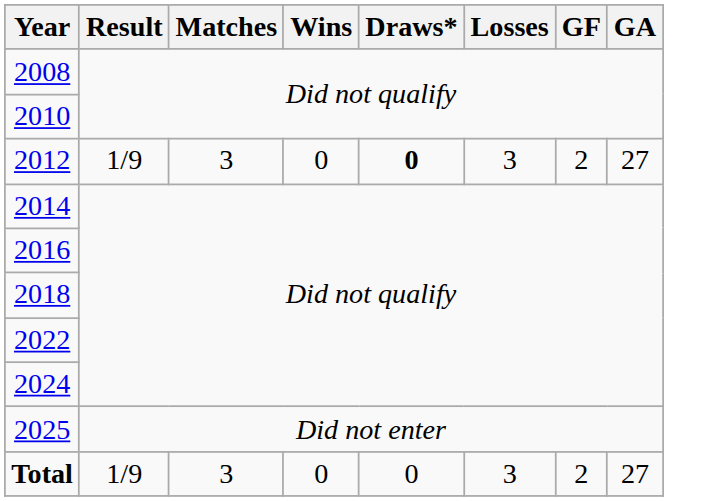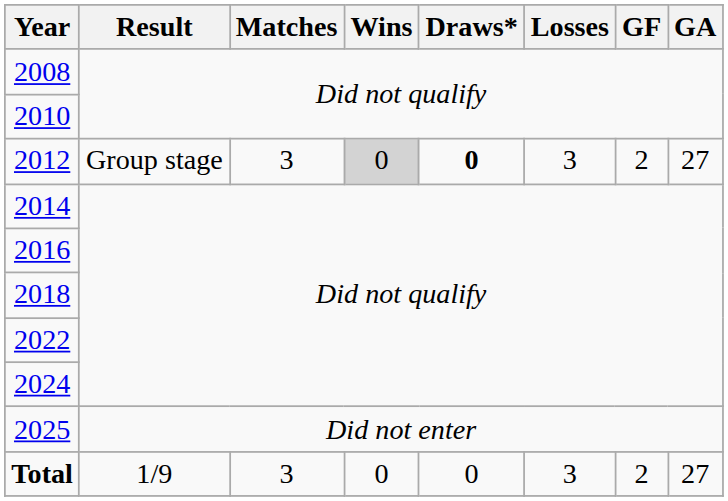 <table class="wikitable" style="text-align: center;">
 <tr>
 <th>Year</th>
 <th>Result</th>
 <th>Matches</th>
 <th>Wins</th>
 <th>Draws*</th>
 <th>Losses</th>
 <th>GF</th>
 <th>GA</th>
 </tr>
 <tr>
 <td> <a href='#'>2008</a></td>
 <td colspan=7 rowspan=2><em>Did not qualify</em></td>
 </tr>
 <tr>
 <td> <a href='#'>2010</a></td>
 </tr>
 <tr>
 <td> <a href='#'>2012</a></td>
-<td>1/9</td>
+<td>Group stage</td>
 <td>3</td>
-<td>0</td>
+<td style="background: lightgrey;">0</td>
 <td><strong>0</strong></td>
 <td>3</td>
 <td>2</td>
 <td>27</td>
 </tr>
 <tr>
 <td> <a href='#'>2014</a></td>
 <td colspan=7 rowspan=5><em>Did not qualify</em></td>
 </tr>
 <tr>
 <td> <a href='#'>2016</a></td>
 </tr>
 <tr>
 <td> <a href='#'>2018</a></td>
 </tr>
 <tr>
 <td> <a href='#'>2022</a></td>
 </tr>
 <tr>
 <td> <a href='#'>2024</a></td>
 </tr>
 <tr>
 <td> <a href='#'>2025</a></td>
 <td colspan=7 rowspan=1><em>Did not enter</em></td>
 </tr>
 <tr>
 <td><strong>Total</strong></td>
 <td>1/9</td>
 <td>3</td>
 <td>0</td>
 <td>0</td>
 <td>3</td>
 <td>2</td>
 <td>27</td>
 </tr>
 </table>
